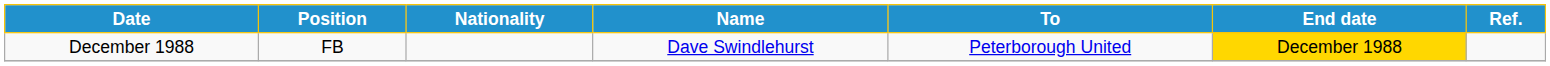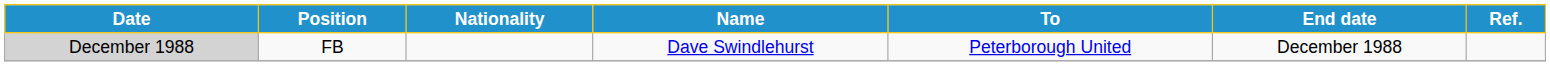 <table class="wikitable" style="text-align:center; font-size:90%; width:100%;">
 <tr>
 <th style="background:#2191CC; color:white; border:1px solid #F7C408; text-align:center;">Date</th>
 <th style="background:#2191CC; color:white; border:1px solid #F7C408; text-align:center;">Position</th>
 <th style="background:#2191CC; color:white; border:1px solid #F7C408; text-align:center;">Nationality</th>
 <th style="background:#2191CC; color:white; border:1px solid #F7C408; text-align:center;">Name</th>
 <th style="background:#2191CC; color:white; border:1px solid #F7C408; text-align:center;">To</th>
 <th style="background:#2191CC; color:white; border:1px solid #F7C408; text-align:center;">End date</th>
 <th style="background:#2191CC; color:white; border:1px solid #F7C408; text-align:center;">Ref.</th>
 </tr>
 <tr>
-<td>December 1988</td>
+<td style="background: lightgrey;">December 1988</td>
 <td>FB</td>
 <td></td>
 <td><a href='#'>Dave Swindlehurst</a></td>
 <td> <a href='#'>Peterborough United</a></td>
-<td style="background: gold;">December 1988</td>
+<td>December 1988</td>
 <td></td>
 </tr>
 <tr>
 </tr>
 </table>
